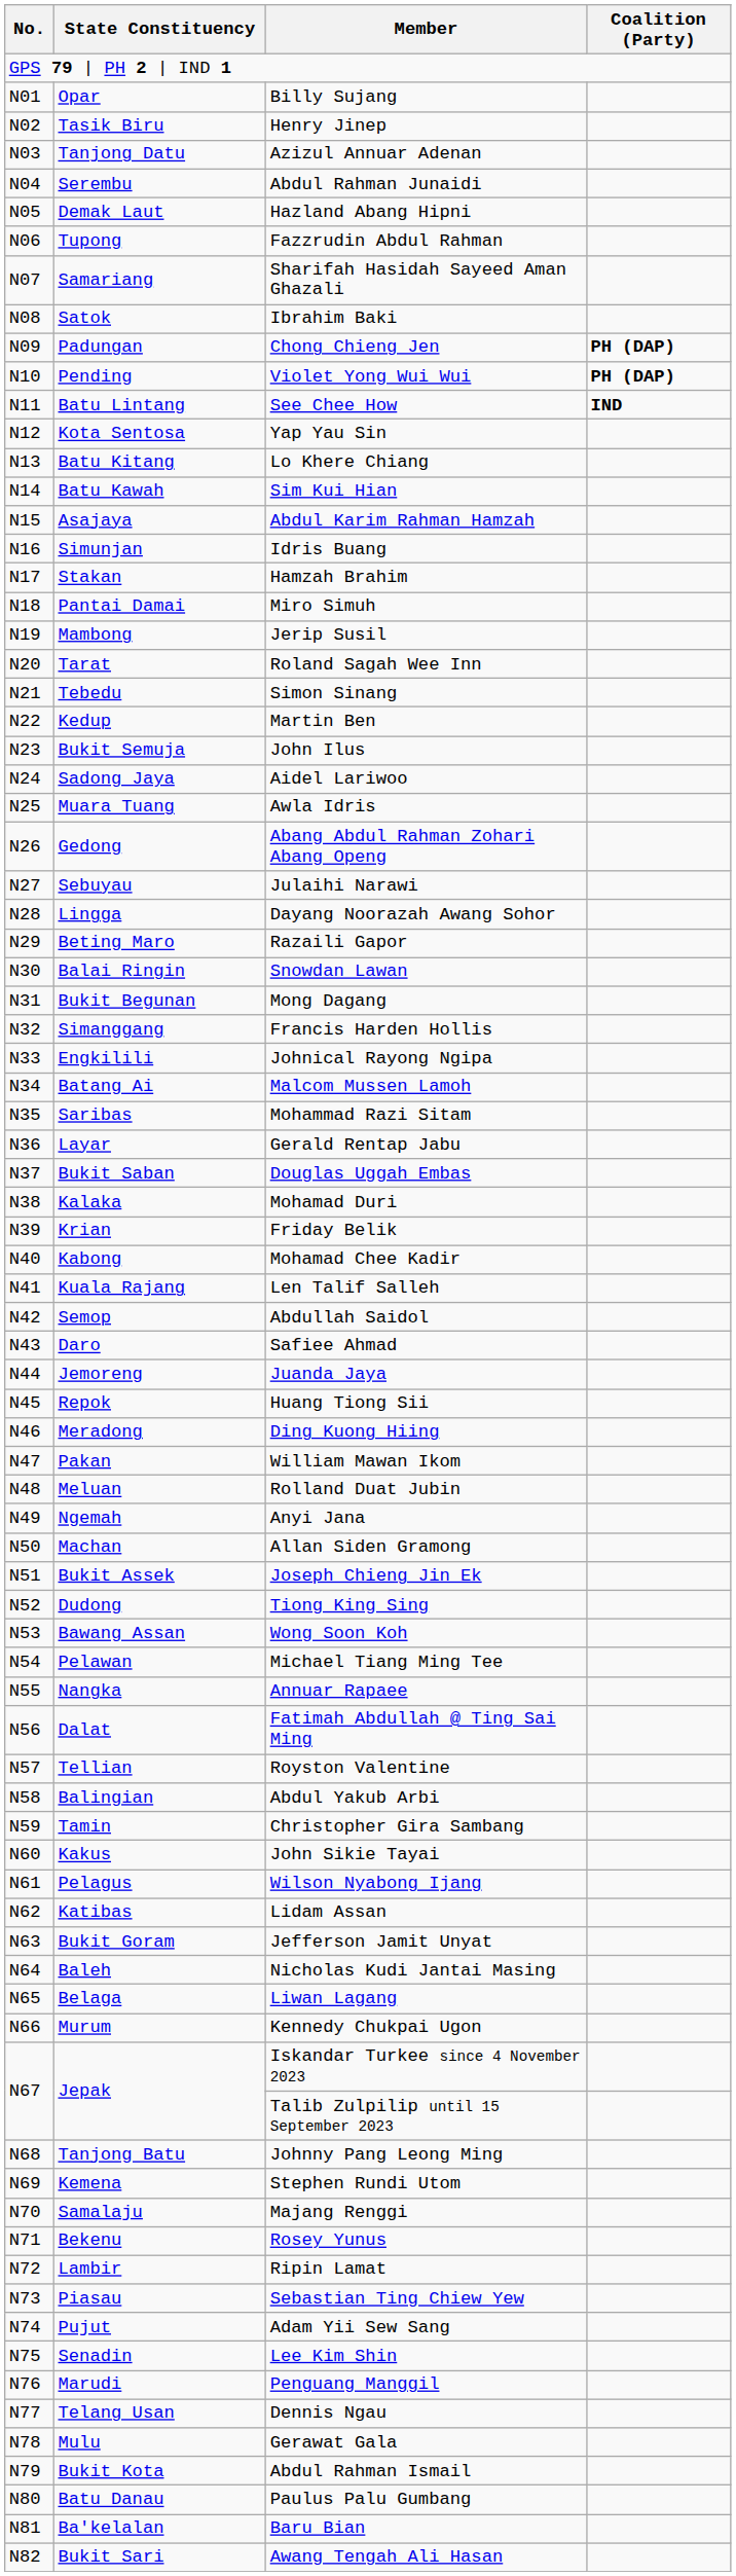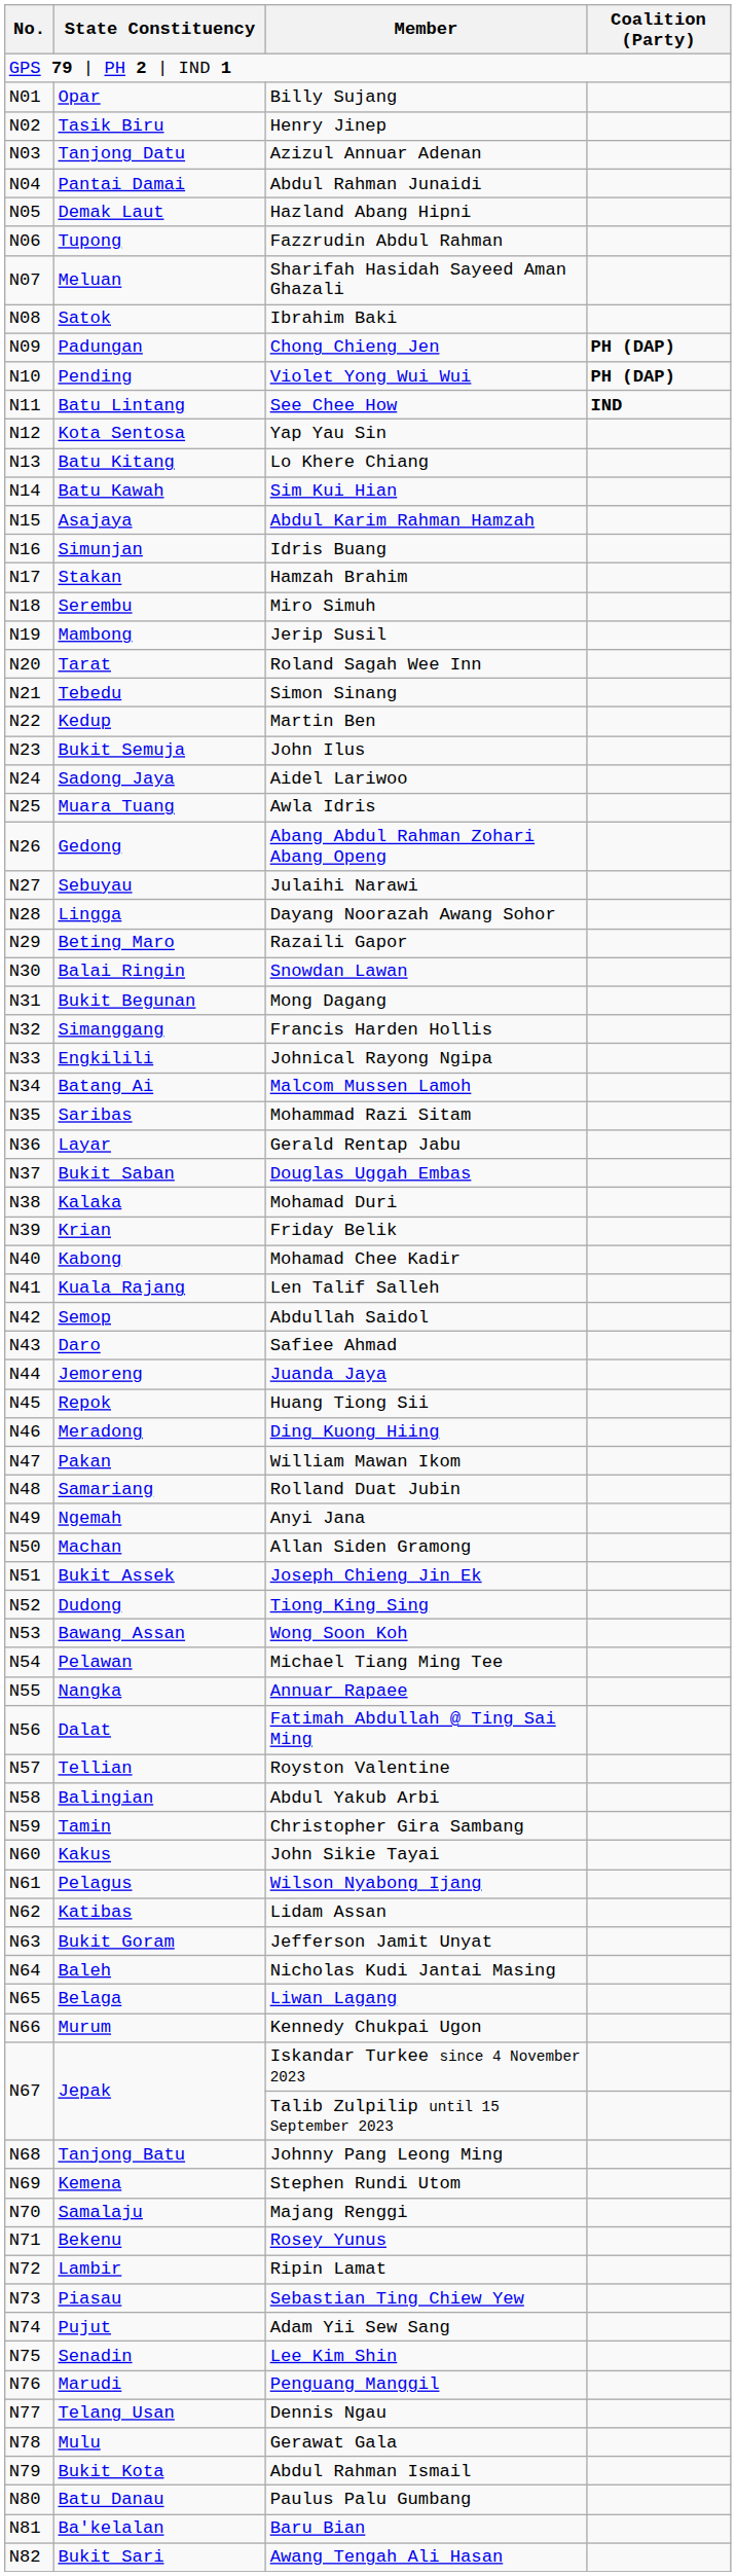 <table class="wikitable sortable">
 <tr>
 <th style="width:30px;">No.</th>
 <th style="width:150px;">State Constituency</th>
 <th style="width:230px;">Member</th>
 <th style="width:100px;">Coalition (Party)</th>
 </tr>
 <tr>
 <td colspan="4"><a href='#'>GPS</a> <strong>79</strong> | <a href='#'>PH</a> <strong>2</strong> | IND <strong>1</strong></td>
 </tr>
 <tr>
 <td>N01</td>
 <td><a href='#'>Opar</a></td>
 <td>Billy Sujang</td>
 <td></td>
 </tr>
 <tr>
 <td>N02</td>
 <td><a href='#'>Tasik Biru</a></td>
 <td>Henry Jinep</td>
 <td></td>
 </tr>
 <tr>
 <td>N03</td>
 <td><a href='#'>Tanjong Datu</a></td>
 <td>Azizul Annuar Adenan</td>
 <td></td>
 </tr>
 <tr>
 <td>N04</td>
-<td><a href='#'>Serembu</a></td>
+<td><a href='#'>Pantai Damai</a></td>
 <td>Abdul Rahman Junaidi</td>
 <td></td>
 </tr>
 <tr>
 <td>N05</td>
 <td><a href='#'>Demak Laut</a></td>
 <td>Hazland Abang Hipni</td>
 <td></td>
 </tr>
 <tr>
 <td>N06</td>
 <td><a href='#'>Tupong</a></td>
 <td>Fazzrudin Abdul Rahman</td>
 <td></td>
 </tr>
 <tr>
 <td>N07</td>
-<td><a href='#'>Samariang</a></td>
+<td><a href='#'>Meluan</a></td>
 <td>Sharifah Hasidah Sayeed Aman Ghazali</td>
 <td></td>
 </tr>
 <tr>
 <td>N08</td>
 <td><a href='#'>Satok</a></td>
 <td>Ibrahim Baki</td>
 <td></td>
 </tr>
 <tr>
 <td>N09</td>
 <td><a href='#'>Padungan</a></td>
 <td><a href='#'>Chong Chieng Jen</a></td>
 <td><strong>PH</strong> <strong>(DAP)</strong></td>
 </tr>
 <tr>
 <td>N10</td>
 <td><a href='#'>Pending</a></td>
 <td><a href='#'>Violet Yong Wui Wui</a></td>
 <td><strong>PH</strong> <strong>(DAP)</strong></td>
 </tr>
 <tr>
 <td>N11</td>
 <td><a href='#'>Batu Lintang</a></td>
 <td><a href='#'>See Chee How</a></td>
 <td><strong>IND</strong></td>
 </tr>
 <tr>
 <td>N12</td>
 <td><a href='#'>Kota Sentosa</a></td>
 <td>Yap Yau Sin</td>
 <td></td>
 </tr>
 <tr>
 <td>N13</td>
 <td><a href='#'>Batu Kitang</a></td>
 <td>Lo Khere Chiang</td>
 <td></td>
 </tr>
 <tr>
 <td>N14</td>
 <td><a href='#'>Batu Kawah</a></td>
 <td><a href='#'>Sim Kui Hian</a></td>
 <td></td>
 </tr>
 <tr>
 <td>N15</td>
 <td><a href='#'>Asajaya</a></td>
 <td><a href='#'>Abdul Karim Rahman Hamzah</a></td>
 <td></td>
 </tr>
 <tr>
 <td>N16</td>
 <td><a href='#'>Simunjan</a></td>
 <td>Idris Buang</td>
 <td></td>
 </tr>
 <tr>
 <td>N17</td>
 <td><a href='#'>Stakan</a></td>
 <td>Hamzah Brahim</td>
 <td></td>
 </tr>
 <tr>
 <td>N18</td>
-<td><a href='#'>Pantai Damai</a></td>
+<td><a href='#'>Serembu</a></td>
 <td>Miro Simuh</td>
 <td></td>
 </tr>
 <tr>
 <td>N19</td>
 <td><a href='#'>Mambong</a></td>
 <td>Jerip Susil</td>
 <td></td>
 </tr>
 <tr>
 <td>N20</td>
 <td><a href='#'>Tarat</a></td>
 <td>Roland Sagah Wee Inn</td>
 <td></td>
 </tr>
 <tr>
 <td>N21</td>
 <td><a href='#'>Tebedu</a></td>
 <td>Simon Sinang</td>
 <td></td>
 </tr>
 <tr>
 <td>N22</td>
 <td><a href='#'>Kedup</a></td>
 <td>Martin Ben</td>
 <td></td>
 </tr>
 <tr>
 <td>N23</td>
 <td><a href='#'>Bukit Semuja</a></td>
 <td>John Ilus</td>
 <td></td>
 </tr>
 <tr>
 <td>N24</td>
 <td><a href='#'>Sadong Jaya</a></td>
 <td>Aidel Lariwoo</td>
 <td></td>
 </tr>
 <tr>
 <td>N25</td>
 <td><a href='#'>Muara Tuang</a></td>
 <td>Awla Idris</td>
 <td></td>
 </tr>
 <tr>
 <td>N26</td>
 <td><a href='#'>Gedong</a></td>
 <td><a href='#'>Abang Abdul Rahman Zohari Abang Openg</a></td>
 <td></td>
 </tr>
 <tr>
 <td>N27</td>
 <td><a href='#'>Sebuyau</a></td>
 <td>Julaihi Narawi</td>
 <td></td>
 </tr>
 <tr>
 <td>N28</td>
 <td><a href='#'>Lingga</a></td>
 <td>Dayang Noorazah Awang Sohor</td>
 <td></td>
 </tr>
 <tr>
 <td>N29</td>
 <td><a href='#'>Beting Maro</a></td>
 <td>Razaili Gapor</td>
 <td></td>
 </tr>
 <tr>
 <td>N30</td>
 <td><a href='#'>Balai Ringin</a></td>
 <td><a href='#'>Snowdan Lawan</a></td>
 <td></td>
 </tr>
 <tr>
 <td>N31</td>
 <td><a href='#'>Bukit Begunan</a></td>
 <td>Mong Dagang</td>
 <td></td>
 </tr>
 <tr>
 <td>N32</td>
 <td><a href='#'>Simanggang</a></td>
 <td>Francis Harden Hollis</td>
 <td></td>
 </tr>
 <tr>
 <td>N33</td>
 <td><a href='#'>Engkilili</a></td>
 <td>Johnical Rayong Ngipa</td>
 <td></td>
 </tr>
 <tr>
 <td>N34</td>
 <td><a href='#'>Batang Ai</a></td>
 <td><a href='#'>Malcom Mussen Lamoh</a></td>
 <td></td>
 </tr>
 <tr>
 <td>N35</td>
 <td><a href='#'>Saribas</a></td>
 <td>Mohammad Razi Sitam</td>
 <td></td>
 </tr>
 <tr>
 <td>N36</td>
 <td><a href='#'>Layar</a></td>
 <td>Gerald Rentap Jabu</td>
 <td></td>
 </tr>
 <tr>
 <td>N37</td>
 <td><a href='#'>Bukit Saban</a></td>
 <td><a href='#'>Douglas Uggah Embas</a></td>
 <td></td>
 </tr>
 <tr>
 <td>N38</td>
 <td><a href='#'>Kalaka</a></td>
 <td>Mohamad Duri</td>
 <td></td>
 </tr>
 <tr>
 <td>N39</td>
 <td><a href='#'>Krian</a></td>
 <td>Friday Belik</td>
 <td></td>
 </tr>
 <tr>
 <td>N40</td>
 <td><a href='#'>Kabong</a></td>
 <td>Mohamad Chee Kadir</td>
 <td></td>
 </tr>
 <tr>
 <td>N41</td>
 <td><a href='#'>Kuala Rajang</a></td>
 <td>Len Talif Salleh</td>
 <td></td>
 </tr>
 <tr>
 <td>N42</td>
 <td><a href='#'>Semop</a></td>
 <td>Abdullah Saidol</td>
 <td></td>
 </tr>
 <tr>
 <td>N43</td>
 <td><a href='#'>Daro</a></td>
 <td>Safiee Ahmad</td>
 <td></td>
 </tr>
 <tr>
 <td>N44</td>
 <td><a href='#'>Jemoreng</a></td>
 <td><a href='#'>Juanda Jaya</a></td>
 <td></td>
 </tr>
 <tr>
 <td>N45</td>
 <td><a href='#'>Repok</a></td>
 <td>Huang Tiong Sii</td>
 <td></td>
 </tr>
 <tr>
 <td>N46</td>
 <td><a href='#'>Meradong</a></td>
 <td><a href='#'>Ding Kuong Hiing</a></td>
 <td></td>
 </tr>
 <tr>
 <td>N47</td>
 <td><a href='#'>Pakan</a></td>
 <td>William Mawan Ikom</td>
 <td></td>
 </tr>
 <tr>
 <td>N48</td>
-<td><a href='#'>Meluan</a></td>
+<td><a href='#'>Samariang</a></td>
 <td>Rolland Duat Jubin</td>
 <td></td>
 </tr>
 <tr>
 <td>N49</td>
 <td><a href='#'>Ngemah</a></td>
 <td>Anyi Jana</td>
 <td></td>
 </tr>
 <tr>
 <td>N50</td>
 <td><a href='#'>Machan</a></td>
 <td>Allan Siden Gramong</td>
 <td></td>
 </tr>
 <tr>
 <td>N51</td>
 <td><a href='#'>Bukit Assek</a></td>
 <td><a href='#'>Joseph Chieng Jin Ek</a></td>
 <td></td>
 </tr>
 <tr>
 <td>N52</td>
 <td><a href='#'>Dudong</a></td>
 <td><a href='#'>Tiong King Sing</a></td>
 <td></td>
 </tr>
 <tr>
 <td>N53</td>
 <td><a href='#'>Bawang Assan</a></td>
 <td><a href='#'>Wong Soon Koh</a></td>
 <td></td>
 </tr>
 <tr>
 <td>N54</td>
 <td><a href='#'>Pelawan</a></td>
 <td>Michael Tiang Ming Tee</td>
 <td></td>
 </tr>
 <tr>
 <td>N55</td>
 <td><a href='#'>Nangka</a></td>
 <td><a href='#'>Annuar Rapaee</a></td>
 <td></td>
 </tr>
 <tr>
 <td>N56</td>
 <td><a href='#'>Dalat</a></td>
 <td><a href='#'>Fatimah Abdullah @ Ting Sai Ming</a></td>
 <td></td>
 </tr>
 <tr>
 <td>N57</td>
 <td><a href='#'>Tellian</a></td>
 <td>Royston Valentine</td>
 <td></td>
 </tr>
 <tr>
 <td>N58</td>
 <td><a href='#'>Balingian</a></td>
 <td>Abdul Yakub Arbi</td>
 <td></td>
 </tr>
 <tr>
 <td>N59</td>
 <td><a href='#'>Tamin</a></td>
 <td>Christopher Gira Sambang</td>
 <td></td>
 </tr>
 <tr>
 <td>N60</td>
 <td><a href='#'>Kakus</a></td>
 <td>John Sikie Tayai</td>
 <td></td>
 </tr>
 <tr>
 <td>N61</td>
 <td><a href='#'>Pelagus</a></td>
 <td><a href='#'>Wilson Nyabong Ijang</a></td>
 <td></td>
 </tr>
 <tr>
 <td>N62</td>
 <td><a href='#'>Katibas</a></td>
 <td>Lidam Assan</td>
 <td></td>
 </tr>
 <tr>
 <td>N63</td>
 <td><a href='#'>Bukit Goram</a></td>
 <td>Jefferson Jamit Unyat</td>
 <td></td>
 </tr>
 <tr>
 <td>N64</td>
 <td><a href='#'>Baleh</a></td>
 <td>Nicholas Kudi Jantai Masing</td>
 <td></td>
 </tr>
 <tr>
 <td>N65</td>
 <td><a href='#'>Belaga</a></td>
 <td><a href='#'>Liwan Lagang</a></td>
 <td></td>
 </tr>
 <tr>
 <td>N66</td>
 <td><a href='#'>Murum</a></td>
 <td>Kennedy Chukpai Ugon</td>
 <td></td>
 </tr>
 <tr>
 <td rowspan=2>N67</td>
 <td rowspan=2><a href='#'>Jepak</a></td>
 <td>Iskandar Turkee <small>since 4 November 2023</small></td>
 <td></td>
 </tr>
 <tr>
 <td>Talib Zulpilip <small>until 15 September 2023</small></td>
 <td></td>
 </tr>
 <tr>
 <td>N68</td>
 <td><a href='#'>Tanjong Batu</a></td>
 <td>Johnny Pang Leong Ming</td>
 <td></td>
 </tr>
 <tr>
 <td>N69</td>
 <td><a href='#'>Kemena</a></td>
 <td>Stephen Rundi Utom</td>
 <td></td>
 </tr>
 <tr>
 <td>N70</td>
 <td><a href='#'>Samalaju</a></td>
 <td>Majang Renggi</td>
 <td></td>
 </tr>
 <tr>
 <td>N71</td>
 <td><a href='#'>Bekenu</a></td>
 <td><a href='#'>Rosey Yunus</a></td>
 <td></td>
 </tr>
 <tr>
 <td>N72</td>
 <td><a href='#'>Lambir</a></td>
 <td>Ripin Lamat</td>
 <td></td>
 </tr>
 <tr>
 <td>N73</td>
 <td><a href='#'>Piasau</a></td>
 <td><a href='#'>Sebastian Ting Chiew Yew</a></td>
 <td></td>
 </tr>
 <tr>
 <td>N74</td>
 <td><a href='#'>Pujut</a></td>
 <td>Adam Yii Sew Sang</td>
 <td></td>
 </tr>
 <tr>
 <td>N75</td>
 <td><a href='#'>Senadin</a></td>
 <td><a href='#'>Lee Kim Shin</a></td>
 <td></td>
 </tr>
 <tr>
 <td>N76</td>
 <td><a href='#'>Marudi</a></td>
 <td><a href='#'>Penguang Manggil</a></td>
 <td></td>
 </tr>
 <tr>
 <td>N77</td>
 <td><a href='#'>Telang Usan</a></td>
 <td>Dennis Ngau</td>
 <td></td>
 </tr>
 <tr>
 <td>N78</td>
 <td><a href='#'>Mulu</a></td>
 <td>Gerawat Gala</td>
 <td></td>
 </tr>
 <tr>
 <td>N79</td>
 <td><a href='#'>Bukit Kota</a></td>
 <td>Abdul Rahman Ismail</td>
 <td></td>
 </tr>
 <tr>
 <td>N80</td>
 <td><a href='#'>Batu Danau</a></td>
 <td>Paulus Palu Gumbang</td>
 <td></td>
 </tr>
 <tr>
 <td>N81</td>
 <td><a href='#'>Ba'kelalan</a></td>
 <td><a href='#'>Baru Bian</a></td>
 <td></td>
 </tr>
 <tr>
 <td>N82</td>
 <td><a href='#'>Bukit Sari</a></td>
 <td><a href='#'>Awang Tengah Ali Hasan</a></td>
 <td></td>
 </tr>
 </table>
